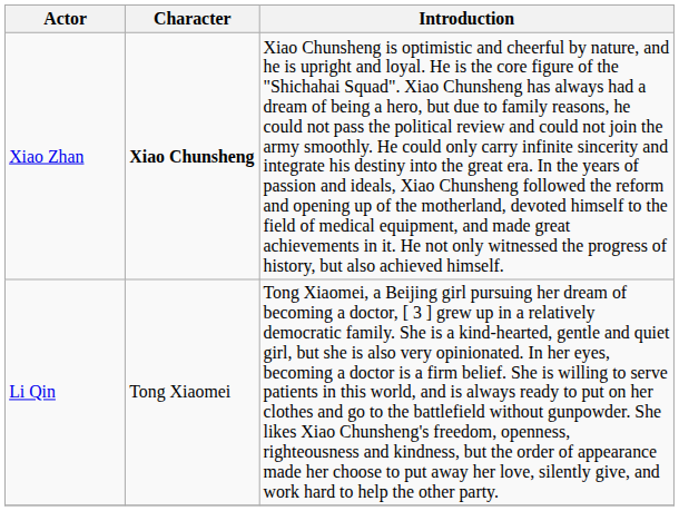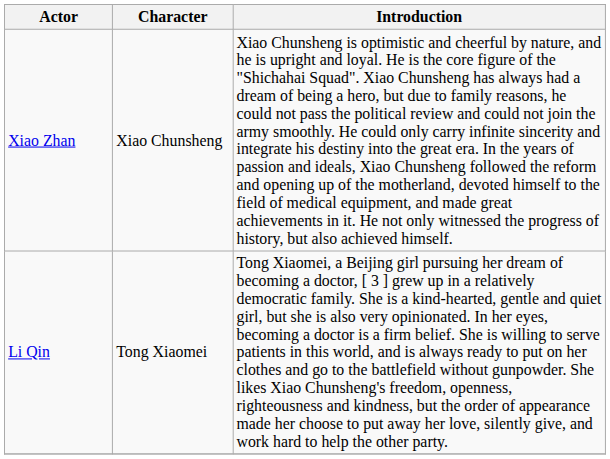 <table class="wikitable">
 <tr>
 <th style="width:18%">Actor</th>
 <th style="width:20%">Character</th>
 <th>Introduction</th>
 </tr>
 <tr>
 <td><a href='#'>Xiao Zhan</a></td>
-<td><strong>Xiao Chunsheng</strong></td>
+<td>Xiao Chunsheng</td>
 <td>Xiao Chunsheng is optimistic and cheerful by nature, and he is upright and loyal. He is the core figure of the "Shichahai Squad". Xiao Chunsheng has always had a dream of being a hero, but due to family reasons, he could not pass the political review and could not join the army smoothly. He could only carry infinite sincerity and integrate his destiny into the great era. In the years of passion and ideals, Xiao Chunsheng followed the reform and opening up of the motherland, devoted himself to the field of medical equipment, and made great achievements in it. He not only witnessed the progress of history, but also achieved himself.</td>
 </tr>
 <tr>
 <td><a href='#'>Li Qin</a></td>
 <td>Tong Xiaomei</td>
 <td>Tong Xiaomei, a Beijing girl pursuing her dream of becoming a doctor, [ 3 ] grew up in a relatively democratic family. She is a kind-hearted, gentle and quiet girl, but she is also very opinionated. In her eyes, becoming a doctor is a firm belief. She is willing to serve patients in this world, and is always ready to put on her clothes and go to the battlefield without gunpowder. She likes Xiao Chunsheng's freedom, openness, righteousness and kindness, but the order of appearance made her choose to put away her love, silently give, and work hard to help the other party.</td>
 </tr>
 <tr>
 </tr>
 </table>
